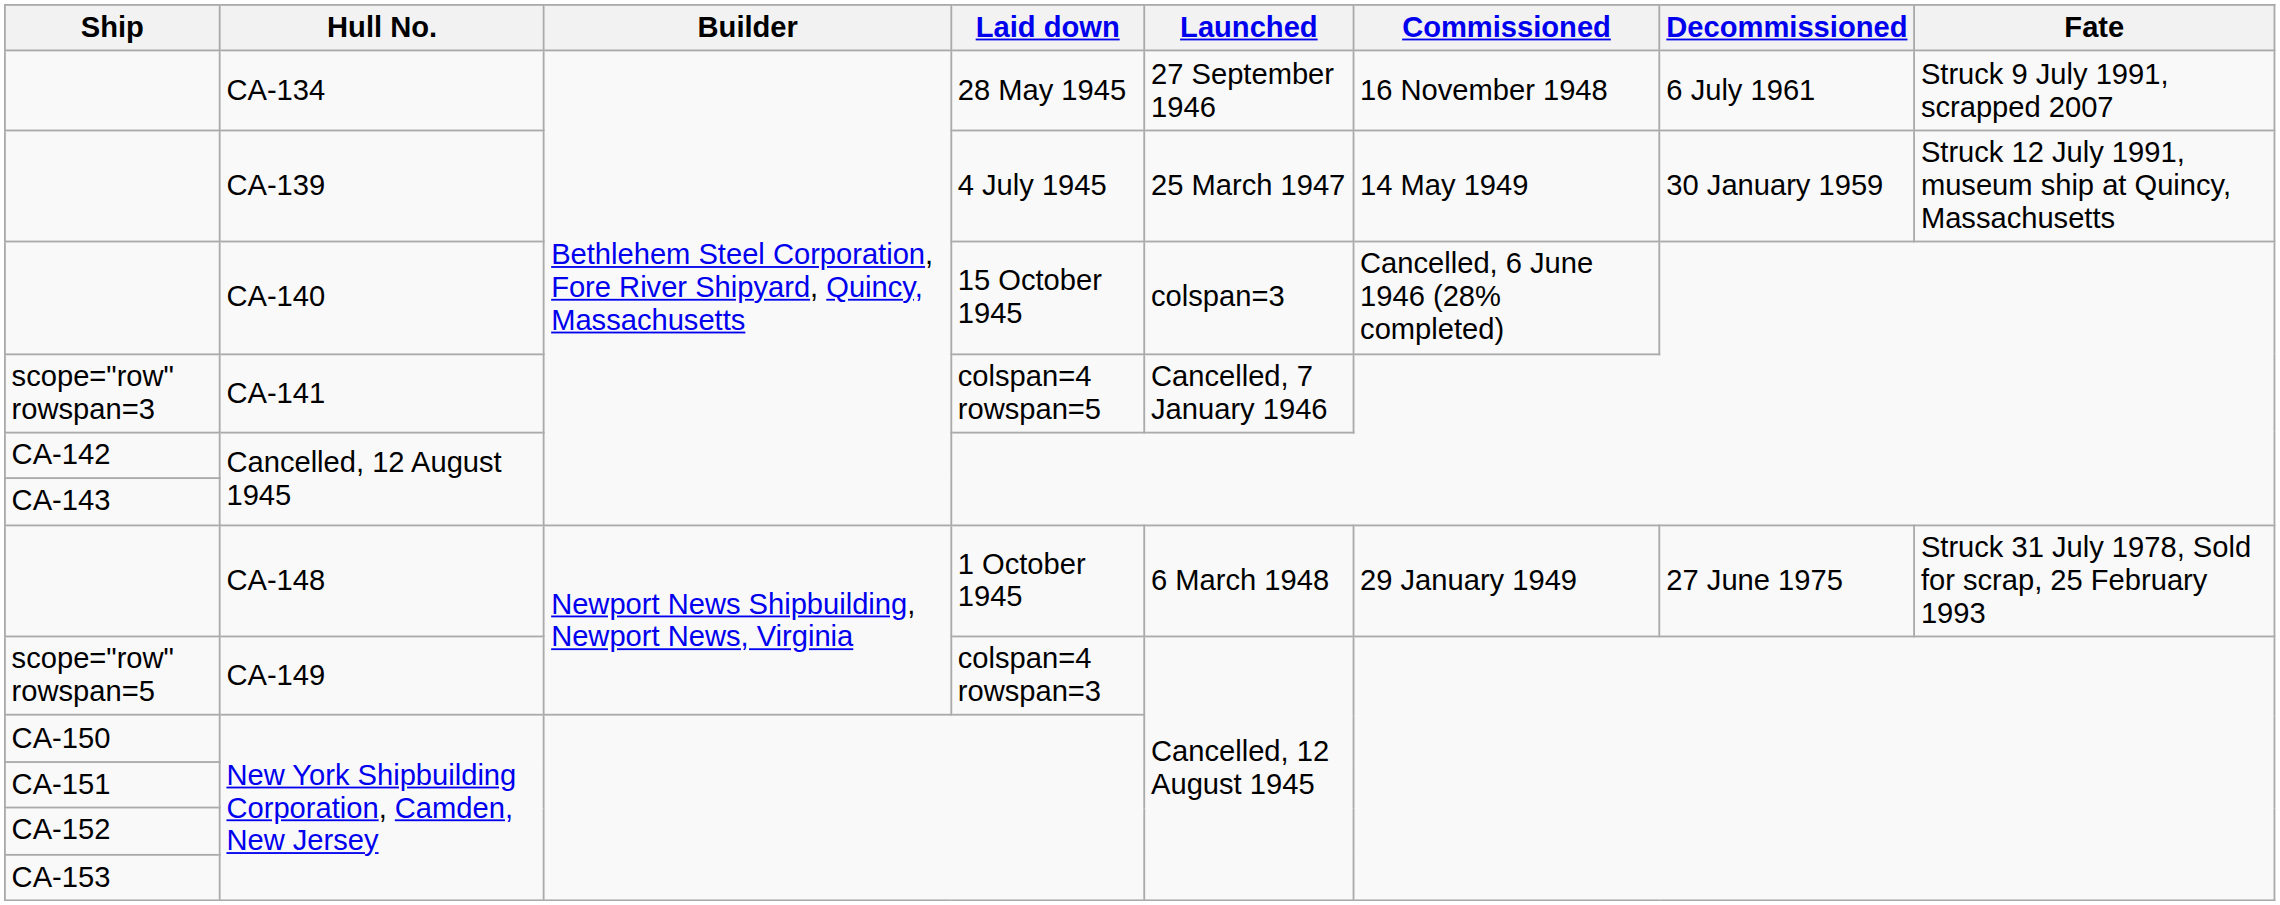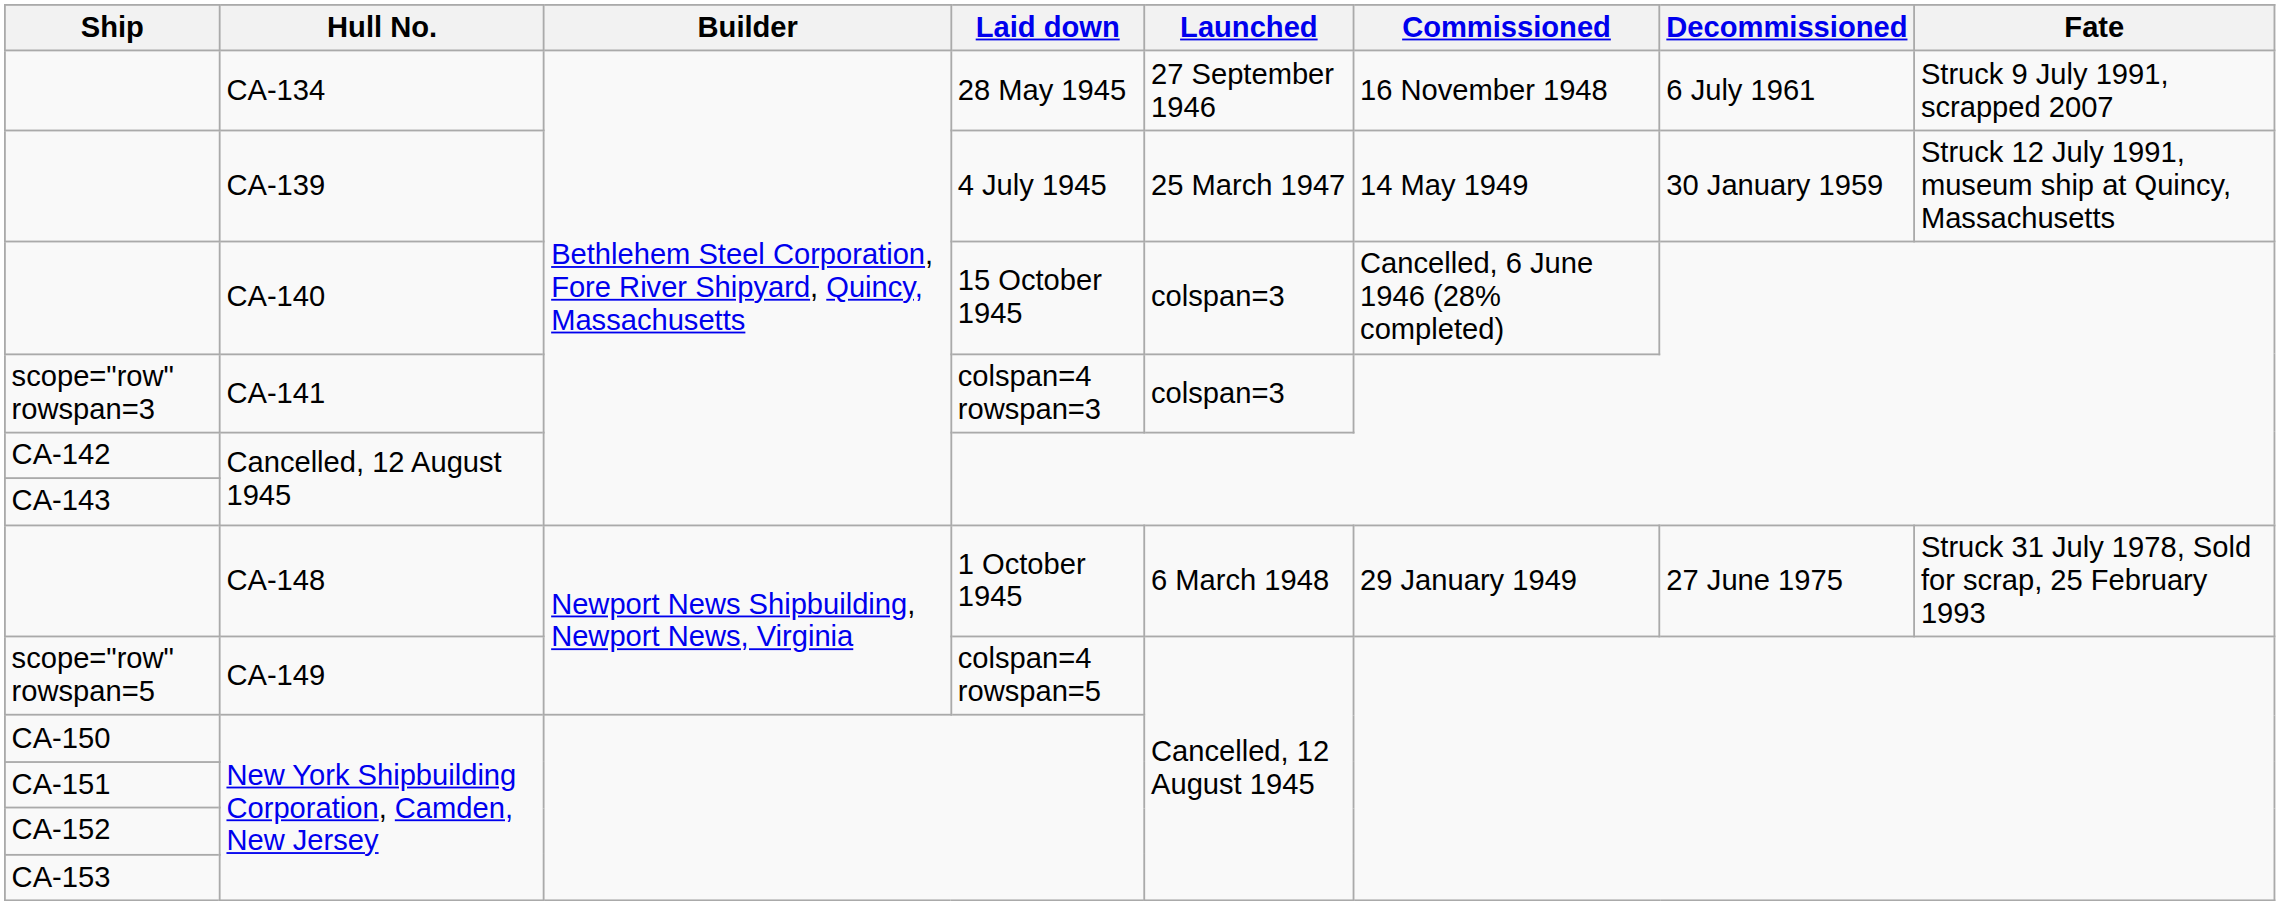 <table class="wikitable plainrowheaders">
 <tr>
 <th scope="col">Ship</th>
 <th scope="col">Hull No.</th>
 <th scope="col">Builder</th>
 <th scope="col"><a href='#'>Laid down</a></th>
 <th scope="col"><a href='#'>Launched</a></th>
 <th scope="col"><a href='#'>Commissioned</a></th>
 <th scope="col"><a href='#'>Decommissioned</a></th>
 <th scope="col">Fate</th>
 </tr>
 <tr>
 <td scope="row"></td>
 <td>CA-134</td>
 <td rowspan=6><a href='#'>Bethlehem Steel Corporation</a>, <a href='#'>Fore River Shipyard</a>, <a href='#'>Quincy, Massachusetts</a></td>
 <td>28 May 1945</td>
 <td>27 September 1946</td>
 <td>16 November 1948</td>
 <td>6 July 1961</td>
 <td>Struck 9 July 1991, scrapped 2007</td>
 </tr>
 <tr>
 <td scope="row"></td>
 <td>CA-139</td>
 <td>4 July 1945</td>
 <td>25 March 1947</td>
 <td>14 May 1949</td>
 <td>30 January 1959</td>
 <td>Struck 12 July 1991, museum ship at Quincy, Massachusetts</td>
 </tr>
 <tr>
 <td scope="row"></td>
 <td>CA-140</td>
 <td>15 October 1945</td>
 <td>colspan=3 </td>
 <td>Cancelled, 6 June 1946 (28% completed)</td>
 </tr>
 <tr>
 <td>scope="row" rowspan=3 </td>
 <td>CA-141</td>
-<td>colspan=4 rowspan=5 </td>
-<td>Cancelled, 7 January 1946</td>
+<td>colspan=4 rowspan=3 </td>
+<td>colspan=3 </td>
 </tr>
 <tr>
 <td scope="row">CA-142</td>
 <td rowspan=2>Cancelled, 12 August 1945</td>
 </tr>
 <tr>
 <td>CA-143</td>
 </tr>
 <tr>
 <td scope="row"></td>
 <td>CA-148</td>
 <td rowspan=2><a href='#'>Newport News Shipbuilding</a>, <a href='#'>Newport News, Virginia</a></td>
 <td>1 October 1945</td>
 <td>6 March 1948</td>
 <td>29 January 1949</td>
 <td>27 June 1975</td>
 <td>Struck 31 July 1978, Sold for scrap, 25 February 1993</td>
 </tr>
 <tr>
 <td>scope="row" rowspan=5 </td>
 <td>CA-149</td>
-<td>colspan=4 rowspan=3 </td>
+<td>colspan=4 rowspan=5 </td>
 <td rowspan=5>Cancelled, 12 August 1945</td>
 </tr>
 <tr>
 <td>CA-150</td>
 <td rowspan=4><a href='#'>New York Shipbuilding Corporation</a>, <a href='#'>Camden, New Jersey</a></td>
 </tr>
 <tr>
 <td>CA-151</td>
 </tr>
 <tr>
 <td>CA-152</td>
 </tr>
 <tr>
 <td>CA-153</td>
 </tr>
 </table>
